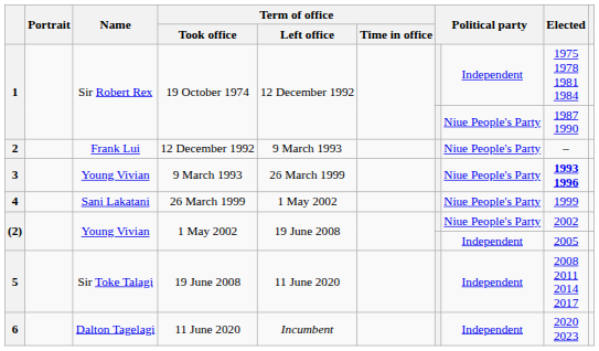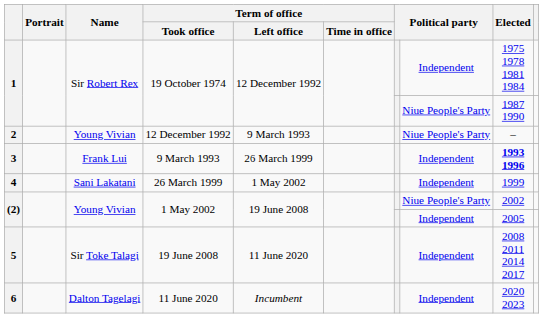 <table class="wikitable" style="text-align:center">
 <tr>
 <th rowspan="2"></th>
 <th rowspan="2">Portrait</th>
 <th rowspan="2">Name<br></th>
 <th colspan="3">Term of office</th>
 <th colspan="2" rowspan="2">Political party</th>
 <th rowspan="2">Elected</th>
 <th rowspan="2"></th>
 </tr>
 <tr>
 <th>Took office</th>
 <th>Left office</th>
 <th>Time in office</th>
 </tr>
 <tr>
 <th rowspan="2">1</th>
 <td rowspan="2"></td>
 <td rowspan="2">Sir <a href='#'>Robert Rex</a><br></td>
 <td rowspan="2">19 October 1974</td>
 <td rowspan="2">12 December 1992</td>
 <td rowspan="2"></td>
 <th style="background:"></th>
 <td><a href='#'>Independent</a><br></td>
 <td><a href='#'>1975</a><br><a href='#'>1978</a><br><a href='#'>1981</a><br><a href='#'>1984</a></td>
 <td></td>
 </tr>
 <tr>
 <th style="background:"></th>
 <td><a href='#'>Niue People's Party</a><br></td>
 <td><a href='#'>1987</a><br><a href='#'>1990</a></td>
 <td></td>
 </tr>
 <tr>
 <th>2</th>
 <td></td>
-<td><a href='#'>Frank Lui</a><br></td>
+<td><a href='#'>Young Vivian</a><br></td>
 <td>12 December 1992</td>
 <td>9 March 1993</td>
 <td></td>
 <th style="background:"></th>
 <td><a href='#'>Niue People's Party</a></td>
 <td>–</td>
 <td></td>
 </tr>
 <tr>
 <th>3</th>
 <td></td>
-<td><a href='#'>Young Vivian</a><br></td>
+<td><a href='#'>Frank Lui</a><br></td>
 <td>9 March 1993</td>
 <td>26 March 1999</td>
 <td></td>
 <th style="background:"></th>
-<td><a href='#'>Niue People's Party</a></td>
+<td><a href='#'>Independent</a></td>
 <td><strong><a href='#'>1993</a><br><a href='#'>1996</a></strong></td>
 <td></td>
 </tr>
 <tr>
 <th>4</th>
 <td></td>
 <td><a href='#'>Sani Lakatani</a><br></td>
 <td>26 March 1999</td>
 <td>1 May 2002</td>
 <td></td>
 <th style="background:"></th>
-<td><a href='#'>Niue People's Party</a></td>
+<td><a href='#'>Independent</a></td>
 <td><a href='#'>1999</a></td>
 <td></td>
 </tr>
 <tr>
 <th rowspan="2">(2)</th>
 <td rowspan="2"></td>
 <td rowspan="2"><a href='#'>Young Vivian</a><br></td>
 <td rowspan="2">1 May 2002</td>
 <td rowspan="2">19 June 2008</td>
 <td rowspan="2"></td>
 <th style="background:"></th>
 <td><a href='#'>Niue People's Party</a><br></td>
 <td><a href='#'>2002</a></td>
 <td></td>
 </tr>
 <tr>
 <th style="background:"></th>
 <td><a href='#'>Independent</a><br></td>
 <td><a href='#'>2005</a></td>
 <td></td>
 </tr>
 <tr>
 <th>5</th>
 <td></td>
 <td>Sir <a href='#'>Toke Talagi</a><br></td>
 <td>19 June 2008</td>
 <td>11 June 2020</td>
 <td></td>
 <th style="background:"></th>
 <td><a href='#'>Independent</a></td>
 <td><a href='#'>2008</a><br><a href='#'>2011</a><br><a href='#'>2014</a><br><a href='#'>2017</a></td>
 <td></td>
 </tr>
 <tr>
 <th>6</th>
 <td></td>
 <td><a href='#'>Dalton Tagelagi</a><br></td>
 <td>11 June 2020</td>
 <td><em>Incumbent</em></td>
 <td></td>
 <th style="background:"></th>
 <td><a href='#'>Independent</a></td>
 <td><a href='#'>2020</a><br><a href='#'>2023</a></td>
 <td></td>
 </tr>
 </table>
